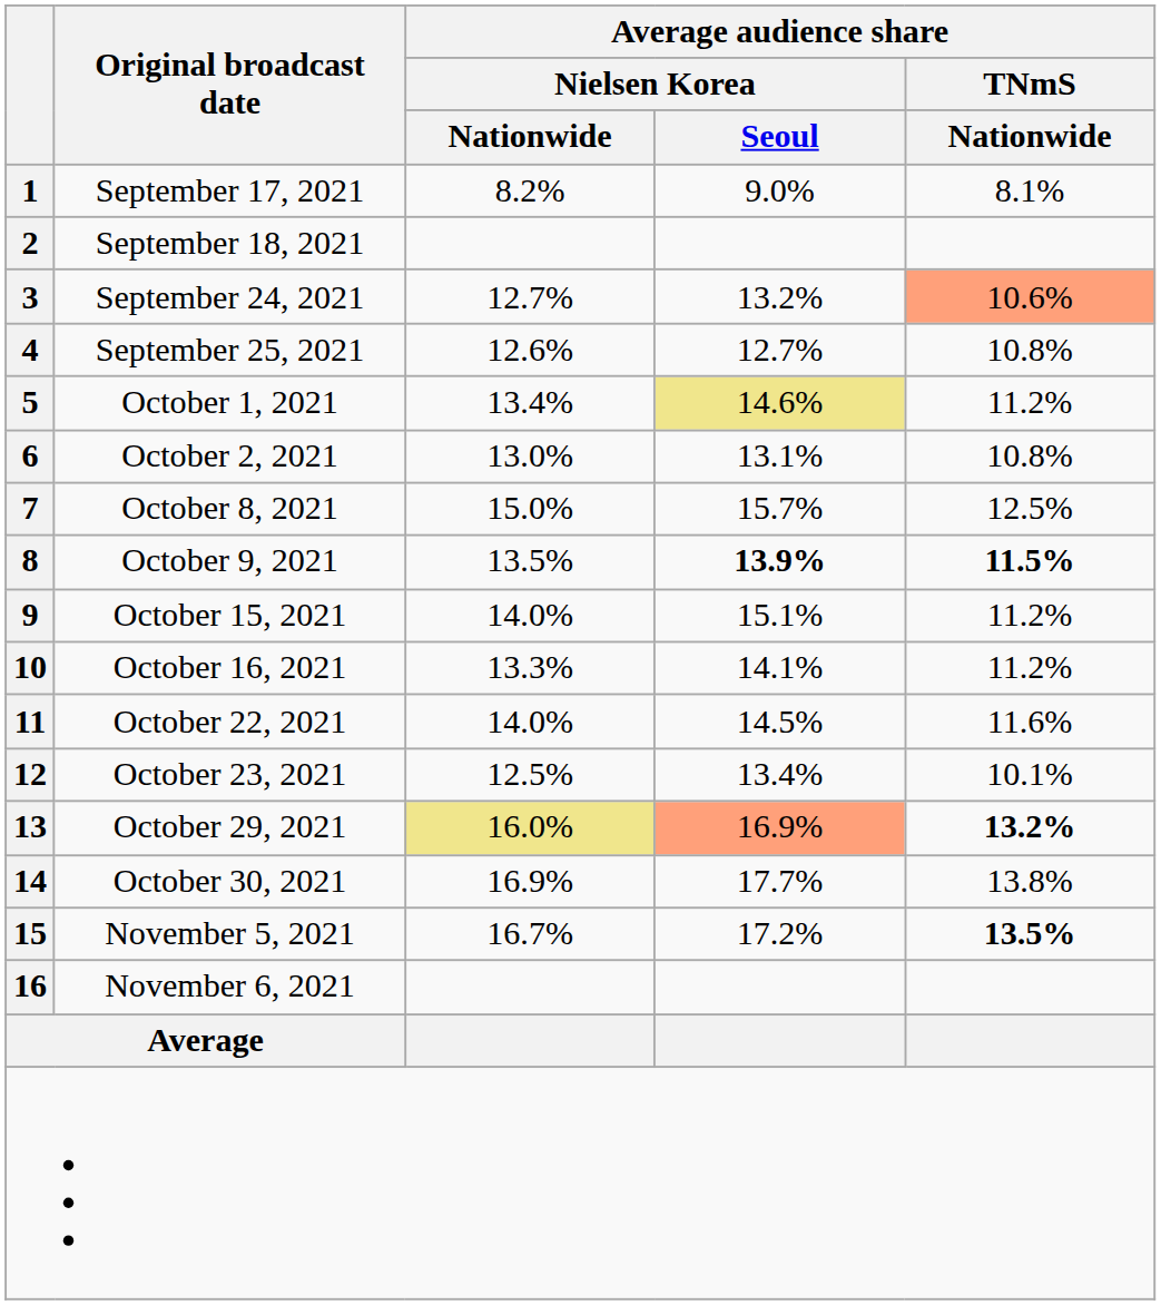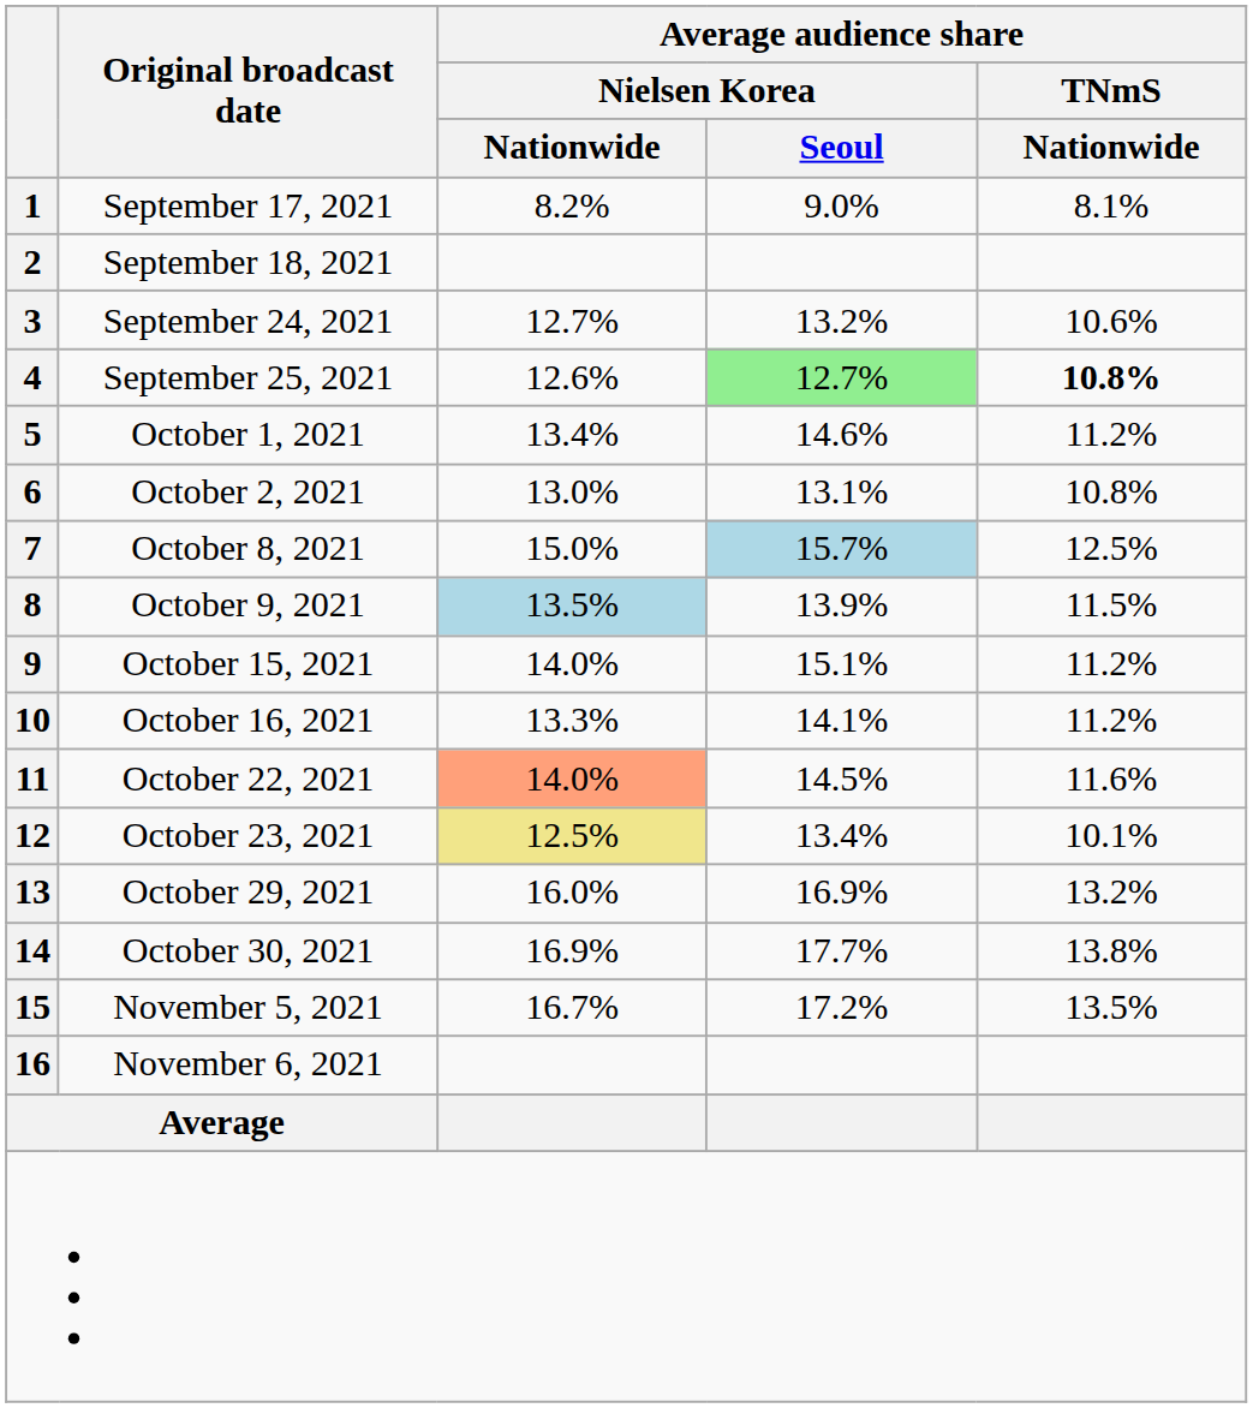 <table class="wikitable" style="text-align:center; max-width:550px; margin-left: auto; margin-right: auto; border: none;">
 <tr>
 </tr>
 <tr>
 <th rowspan="3"></th>
 <th rowspan="3">Original broadcast date</th>
 <th colspan="3">Average audience share</th>
 </tr>
 <tr>
 <th colspan="2">Nielsen Korea</th>
 <th>TNmS</th>
 </tr>
 <tr>
 <th style="width:7em">Nationwide</th>
 <th style="width:7em"><a href='#'>Seoul</a></th>
 <th style="width:7em">Nationwide</th>
 </tr>
 <tr>
 <th>1</th>
 <td>September 17, 2021</td>
 <td>8.2% </td>
 <td>9.0% </td>
 <td>8.1% </td>
 </tr>
 <tr>
 <th>2</th>
 <td>September 18, 2021</td>
 <td> </td>
 <td> </td>
 <td> </td>
 </tr>
 <tr>
 <th>3</th>
 <td>September 24, 2021</td>
 <td>12.7% </td>
 <td>13.2% </td>
-<td style="background: lightsalmon;">10.6% </td>
+<td>10.6% </td>
 </tr>
 <tr>
 <th>4</th>
 <td>September 25, 2021</td>
 <td>12.6% </td>
-<td>12.7% </td>
-<td>10.8% </td>
+<td style="background: lightgreen;">12.7% </td>
+<td><strong>10.8% </strong></td>
 </tr>
 <tr>
 <th>5</th>
 <td>October 1, 2021</td>
 <td>13.4% </td>
-<td style="background: khaki;">14.6% </td>
+<td>14.6% </td>
 <td>11.2% </td>
 </tr>
 <tr>
 <th>6</th>
 <td>October 2, 2021</td>
 <td>13.0% </td>
 <td>13.1% </td>
 <td>10.8% </td>
 </tr>
 <tr>
 <th>7</th>
 <td>October 8, 2021</td>
 <td>15.0% </td>
-<td>15.7% </td>
+<td style="background: lightblue;">15.7% </td>
 <td>12.5% </td>
 </tr>
 <tr>
 <th>8</th>
 <td>October 9, 2021</td>
-<td>13.5% </td>
-<td><strong>13.9% </strong></td>
-<td><strong>11.5% </strong></td>
+<td style="background: lightblue;">13.5% </td>
+<td>13.9% </td>
+<td>11.5% </td>
 </tr>
 <tr>
 <th>9</th>
 <td>October 15, 2021</td>
 <td>14.0% </td>
 <td>15.1% </td>
 <td>11.2% </td>
 </tr>
 <tr>
 <th>10</th>
 <td>October 16, 2021</td>
 <td>13.3% </td>
 <td>14.1% </td>
 <td>11.2% </td>
 </tr>
 <tr>
 <th>11</th>
 <td>October 22, 2021</td>
-<td>14.0% </td>
+<td style="background: lightsalmon;">14.0% </td>
 <td>14.5% </td>
 <td>11.6% </td>
 </tr>
 <tr>
 <th>12</th>
 <td>October 23, 2021</td>
-<td>12.5% </td>
+<td style="background: khaki;">12.5% </td>
 <td>13.4% </td>
 <td>10.1% </td>
 </tr>
 <tr>
 <th>13</th>
 <td>October 29, 2021</td>
-<td style="background: khaki;">16.0% </td>
-<td style="background: lightsalmon;">16.9% </td>
-<td><strong>13.2% </strong></td>
+<td>16.0% </td>
+<td>16.9% </td>
+<td>13.2% </td>
 </tr>
 <tr>
 <th>14</th>
 <td>October 30, 2021</td>
 <td>16.9% </td>
 <td>17.7% </td>
 <td>13.8% </td>
 </tr>
 <tr>
 <th>15</th>
 <td>November 5, 2021</td>
 <td>16.7% </td>
 <td>17.2% </td>
-<td><strong>13.5% </strong></td>
+<td>13.5% </td>
 </tr>
 <tr>
 <th>16</th>
 <td>November 6, 2021</td>
 <td> </td>
 <td> </td>
 <td> </td>
 </tr>
 <tr>
 <th colspan="2">Average</th>
 <th></th>
 <th></th>
 <th></th>
 </tr>
 <tr>
 <td colspan="5"><br><ul><li></li><li></li><li></li></ul></td>
 </tr>
 <tr>
 </tr>
 </table>
